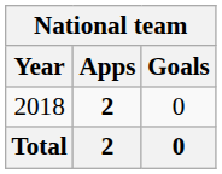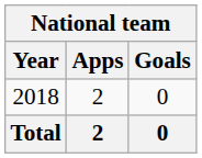 <table class="wikitable" style="text-align:center">
 <tr>
 <th colspan=3>National team</th>
 </tr>
 <tr>
 <th>Year</th>
 <th>Apps</th>
 <th>Goals</th>
 </tr>
 <tr>
 <td>2018</td>
-<td><strong>2</strong></td>
+<td>2</td>
 <td>0</td>
 </tr>
 <tr>
 <th>Total</th>
 <th>2</th>
 <th>0</th>
 </tr>
 </table>
